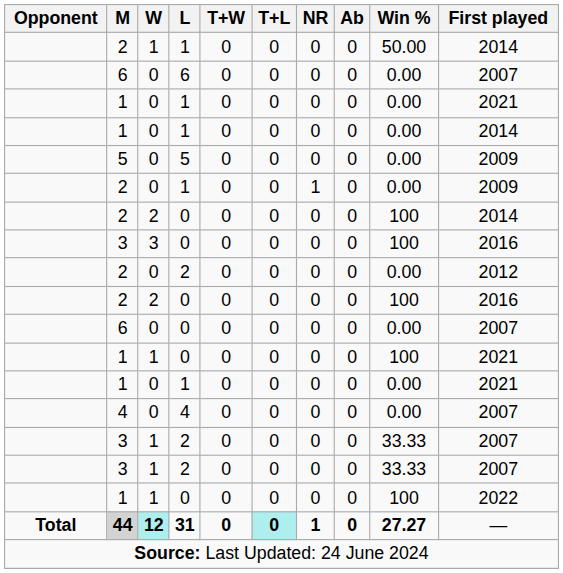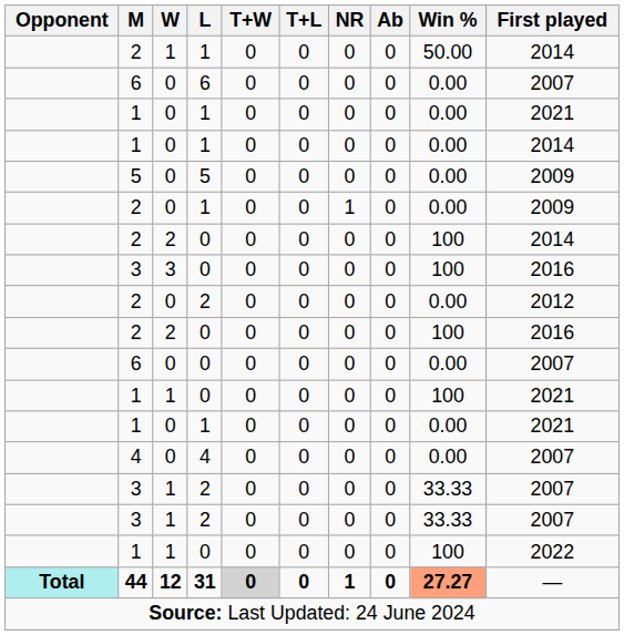 <table class="wikitable" style="text-align: center; width: 500px;">
 <tr>
 <th>Opponent</th>
 <th>M</th>
 <th>W</th>
 <th>L</th>
 <th>T+W</th>
 <th>T+L</th>
 <th>NR</th>
 <th>Ab</th>
 <th>Win %</th>
 <th>First played</th>
 </tr>
 <tr>
 <td align="left"></td>
 <td>2</td>
 <td>1</td>
 <td>1</td>
 <td>0</td>
 <td>0</td>
 <td>0</td>
 <td>0</td>
 <td>50.00</td>
 <td>2014</td>
 </tr>
 <tr>
 <td align="left"></td>
 <td>6</td>
 <td>0</td>
 <td>6</td>
 <td>0</td>
 <td>0</td>
 <td>0</td>
 <td>0</td>
 <td>0.00</td>
 <td>2007</td>
 </tr>
 <tr>
 <td align="left"></td>
 <td>1</td>
 <td>0</td>
 <td>1</td>
 <td>0</td>
 <td>0</td>
 <td>0</td>
 <td>0</td>
 <td>0.00</td>
 <td>2021</td>
 </tr>
 <tr>
 <td align="left"></td>
 <td>1</td>
 <td>0</td>
 <td>1</td>
 <td>0</td>
 <td>0</td>
 <td>0</td>
 <td>0</td>
 <td>0.00</td>
 <td>2014</td>
 </tr>
 <tr>
 <td align="left"></td>
 <td>5</td>
 <td>0</td>
 <td>5</td>
 <td>0</td>
 <td>0</td>
 <td>0</td>
 <td>0</td>
 <td>0.00</td>
 <td>2009</td>
 </tr>
 <tr>
 <td align="left"></td>
 <td>2</td>
 <td>0</td>
 <td>1</td>
 <td>0</td>
 <td>0</td>
 <td>1</td>
 <td>0</td>
 <td>0.00</td>
 <td>2009</td>
 </tr>
 <tr>
 <td align="left"></td>
 <td>2</td>
 <td>2</td>
 <td>0</td>
 <td>0</td>
 <td>0</td>
 <td>0</td>
 <td>0</td>
 <td>100</td>
 <td>2014</td>
 </tr>
 <tr>
 <td align="left"></td>
 <td>3</td>
 <td>3</td>
 <td>0</td>
 <td>0</td>
 <td>0</td>
 <td>0</td>
 <td>0</td>
 <td>100</td>
 <td>2016</td>
 </tr>
 <tr>
 <td align="left"></td>
 <td>2</td>
 <td>0</td>
 <td>2</td>
 <td>0</td>
 <td>0</td>
 <td>0</td>
 <td>0</td>
 <td>0.00</td>
 <td>2012</td>
 </tr>
 <tr>
 <td align="left"></td>
 <td>2</td>
 <td>2</td>
 <td>0</td>
 <td>0</td>
 <td>0</td>
 <td>0</td>
 <td>0</td>
 <td>100</td>
 <td>2016</td>
 </tr>
 <tr>
 <td align="left"></td>
 <td>6</td>
 <td>0</td>
 <td>0</td>
 <td>0</td>
 <td>0</td>
 <td>0</td>
 <td>0</td>
 <td>0.00</td>
 <td>2007</td>
 </tr>
 <tr>
 <td align="left"></td>
 <td>1</td>
 <td>1</td>
 <td>0</td>
 <td>0</td>
 <td>0</td>
 <td>0</td>
 <td>0</td>
 <td>100</td>
 <td>2021</td>
 </tr>
 <tr>
 <td align="left"></td>
 <td>1</td>
 <td>0</td>
 <td>1</td>
 <td>0</td>
 <td>0</td>
 <td>0</td>
 <td>0</td>
 <td>0.00</td>
 <td>2021</td>
 </tr>
 <tr>
 <td align="left"></td>
 <td>4</td>
 <td>0</td>
 <td>4</td>
 <td>0</td>
 <td>0</td>
 <td>0</td>
 <td>0</td>
 <td>0.00</td>
 <td>2007</td>
 </tr>
 <tr>
 <td align="left"></td>
 <td>3</td>
 <td>1</td>
 <td>2</td>
 <td>0</td>
 <td>0</td>
 <td>0</td>
 <td>0</td>
 <td>33.33</td>
 <td>2007</td>
 </tr>
 <tr>
 <td align="left"></td>
 <td>3</td>
 <td>1</td>
 <td>2</td>
 <td>0</td>
 <td>0</td>
 <td>0</td>
 <td>0</td>
 <td>33.33</td>
 <td>2007</td>
 </tr>
 <tr>
 <td align="left"></td>
 <td>1</td>
 <td>1</td>
 <td>0</td>
 <td>0</td>
 <td>0</td>
 <td>0</td>
 <td>0</td>
 <td>100</td>
 <td>2022</td>
 </tr>
 <tr>
-<td><strong>Total</strong></td>
-<td style="background: lightgrey;"><strong>44</strong></td>
-<td style="background: paleturquoise;"><strong>12</strong></td>
+<td style="background: paleturquoise;"><strong>Total</strong></td>
+<td><strong>44</strong></td>
+<td><strong>12</strong></td>
 <td><strong>31</strong></td>
+<td style="background: lightgrey;"><strong>0</strong></td>
 <td><strong>0</strong></td>
-<td style="background: paleturquoise;"><strong>0</strong></td>
 <td><strong>1</strong></td>
 <td><strong>0</strong></td>
-<td><strong>27.27</strong></td>
+<td style="background: lightsalmon;"><strong>27.27</strong></td>
 <td>—</td>
 </tr>
 <tr>
 <td colspan="10"><strong>Source:</strong> Last Updated: 24 June 2024</td>
 </tr>
 <tr>
 </tr>
 </table>
